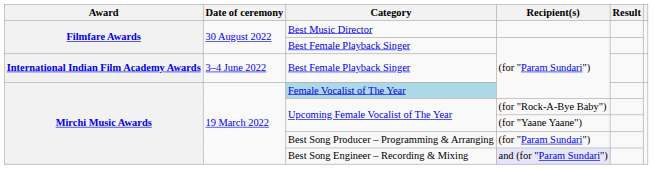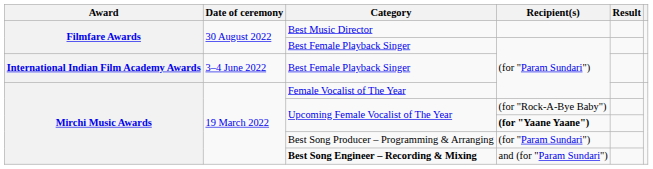 <table class="wikitable plainrowheaders sortable">
 <tr>
 <th scope="col">Award</th>
 <th scope="col">Date of ceremony</th>
 <th scope="col">Category</th>
 <th scope="col">Recipient(s)</th>
 <th scope="col">Result</th>
 <th scope="col" class="unsortable"></th>
 </tr>
 <tr>
 <th rowspan="2" scope="row"><a href='#'>Filmfare Awards</a></th>
 <td rowspan="2"><a href='#'>30 August 2022</a></td>
 <td><a href='#'>Best Music Director</a></td>
 <td></td>
 <td></td>
 <td rowspan="2" style="text-align:center;"><br></td>
 </tr>
 <tr>
 <td><a href='#'>Best Female Playback Singer</a></td>
 <td rowspan="3"> (for "<a href='#'>Param Sundari</a>")</td>
 <td></td>
 </tr>
 <tr>
 <th scope="row"><a href='#'>International Indian Film Academy Awards</a></th>
 <td><a href='#'>3–4 June 2022</a></td>
 <td><a href='#'>Best Female Playback Singer</a></td>
 <td></td>
 <td style="text-align:center;"><br><br></td>
 </tr>
 <tr>
 <th rowspan="5" scope="row"><a href='#'>Mirchi Music Awards</a></th>
 <td rowspan="5"><a href='#'>19 March 2022</a></td>
-<td style="background: lightblue;"><a href='#'>Female Vocalist of The Year</a></td>
+<td><a href='#'>Female Vocalist of The Year</a></td>
 <td></td>
 <td rowspan="5" style="text-align:center;"><br></td>
 </tr>
 <tr>
 <td rowspan="2"><a href='#'>Upcoming Female Vocalist of The Year</a></td>
 <td> (for "Rock-A-Bye Baby")</td>
 <td></td>
 </tr>
 <tr>
-<td> (for "Yaane Yaane")</td>
+<td><strong> (for "Yaane Yaane")</strong></td>
 <td></td>
 </tr>
 <tr>
 <td>Best Song Producer – Programming & Arranging</td>
 <td> (for "<a href='#'>Param Sundari</a>")</td>
 <td></td>
 </tr>
 <tr>
-<td>Best Song Engineer – Recording & Mixing</td>
-<td style="background: lavender;"> and  (for "<a href='#'>Param Sundari</a>")</td>
+<td><strong>Best Song Engineer – Recording & Mixing</strong></td>
+<td> and  (for "<a href='#'>Param Sundari</a>")</td>
 <td></td>
 </tr>
 </table>
